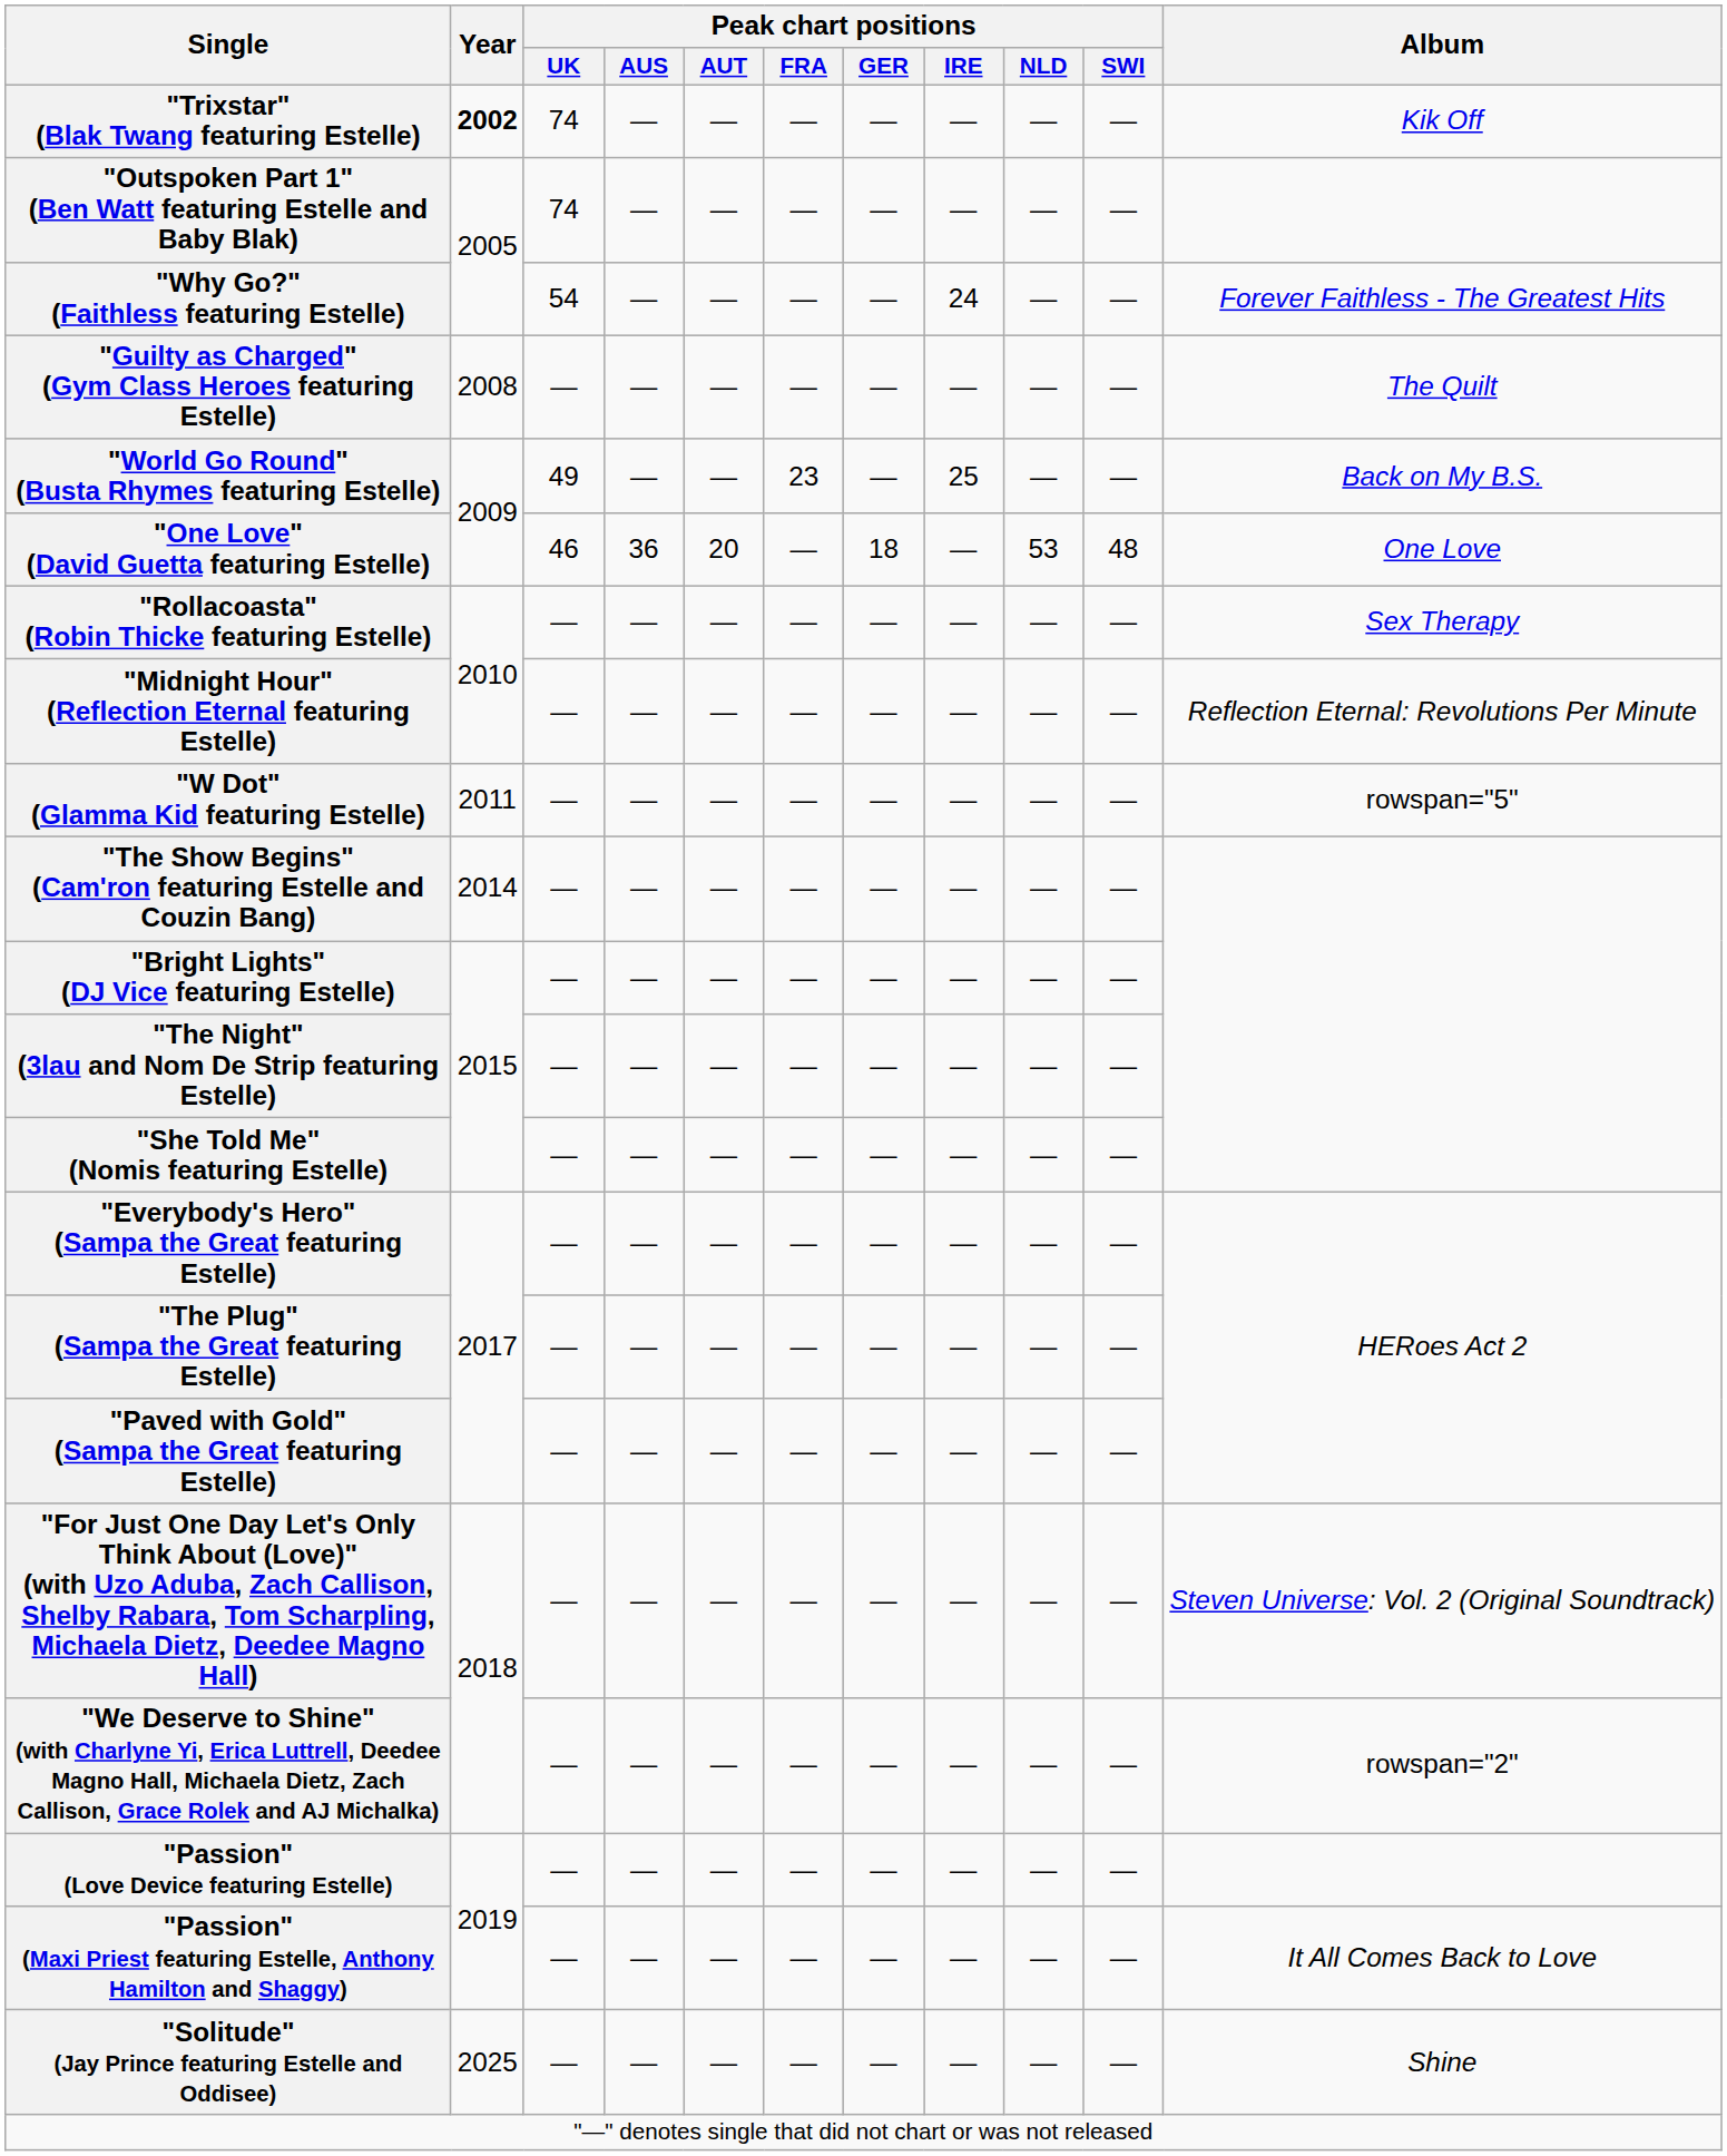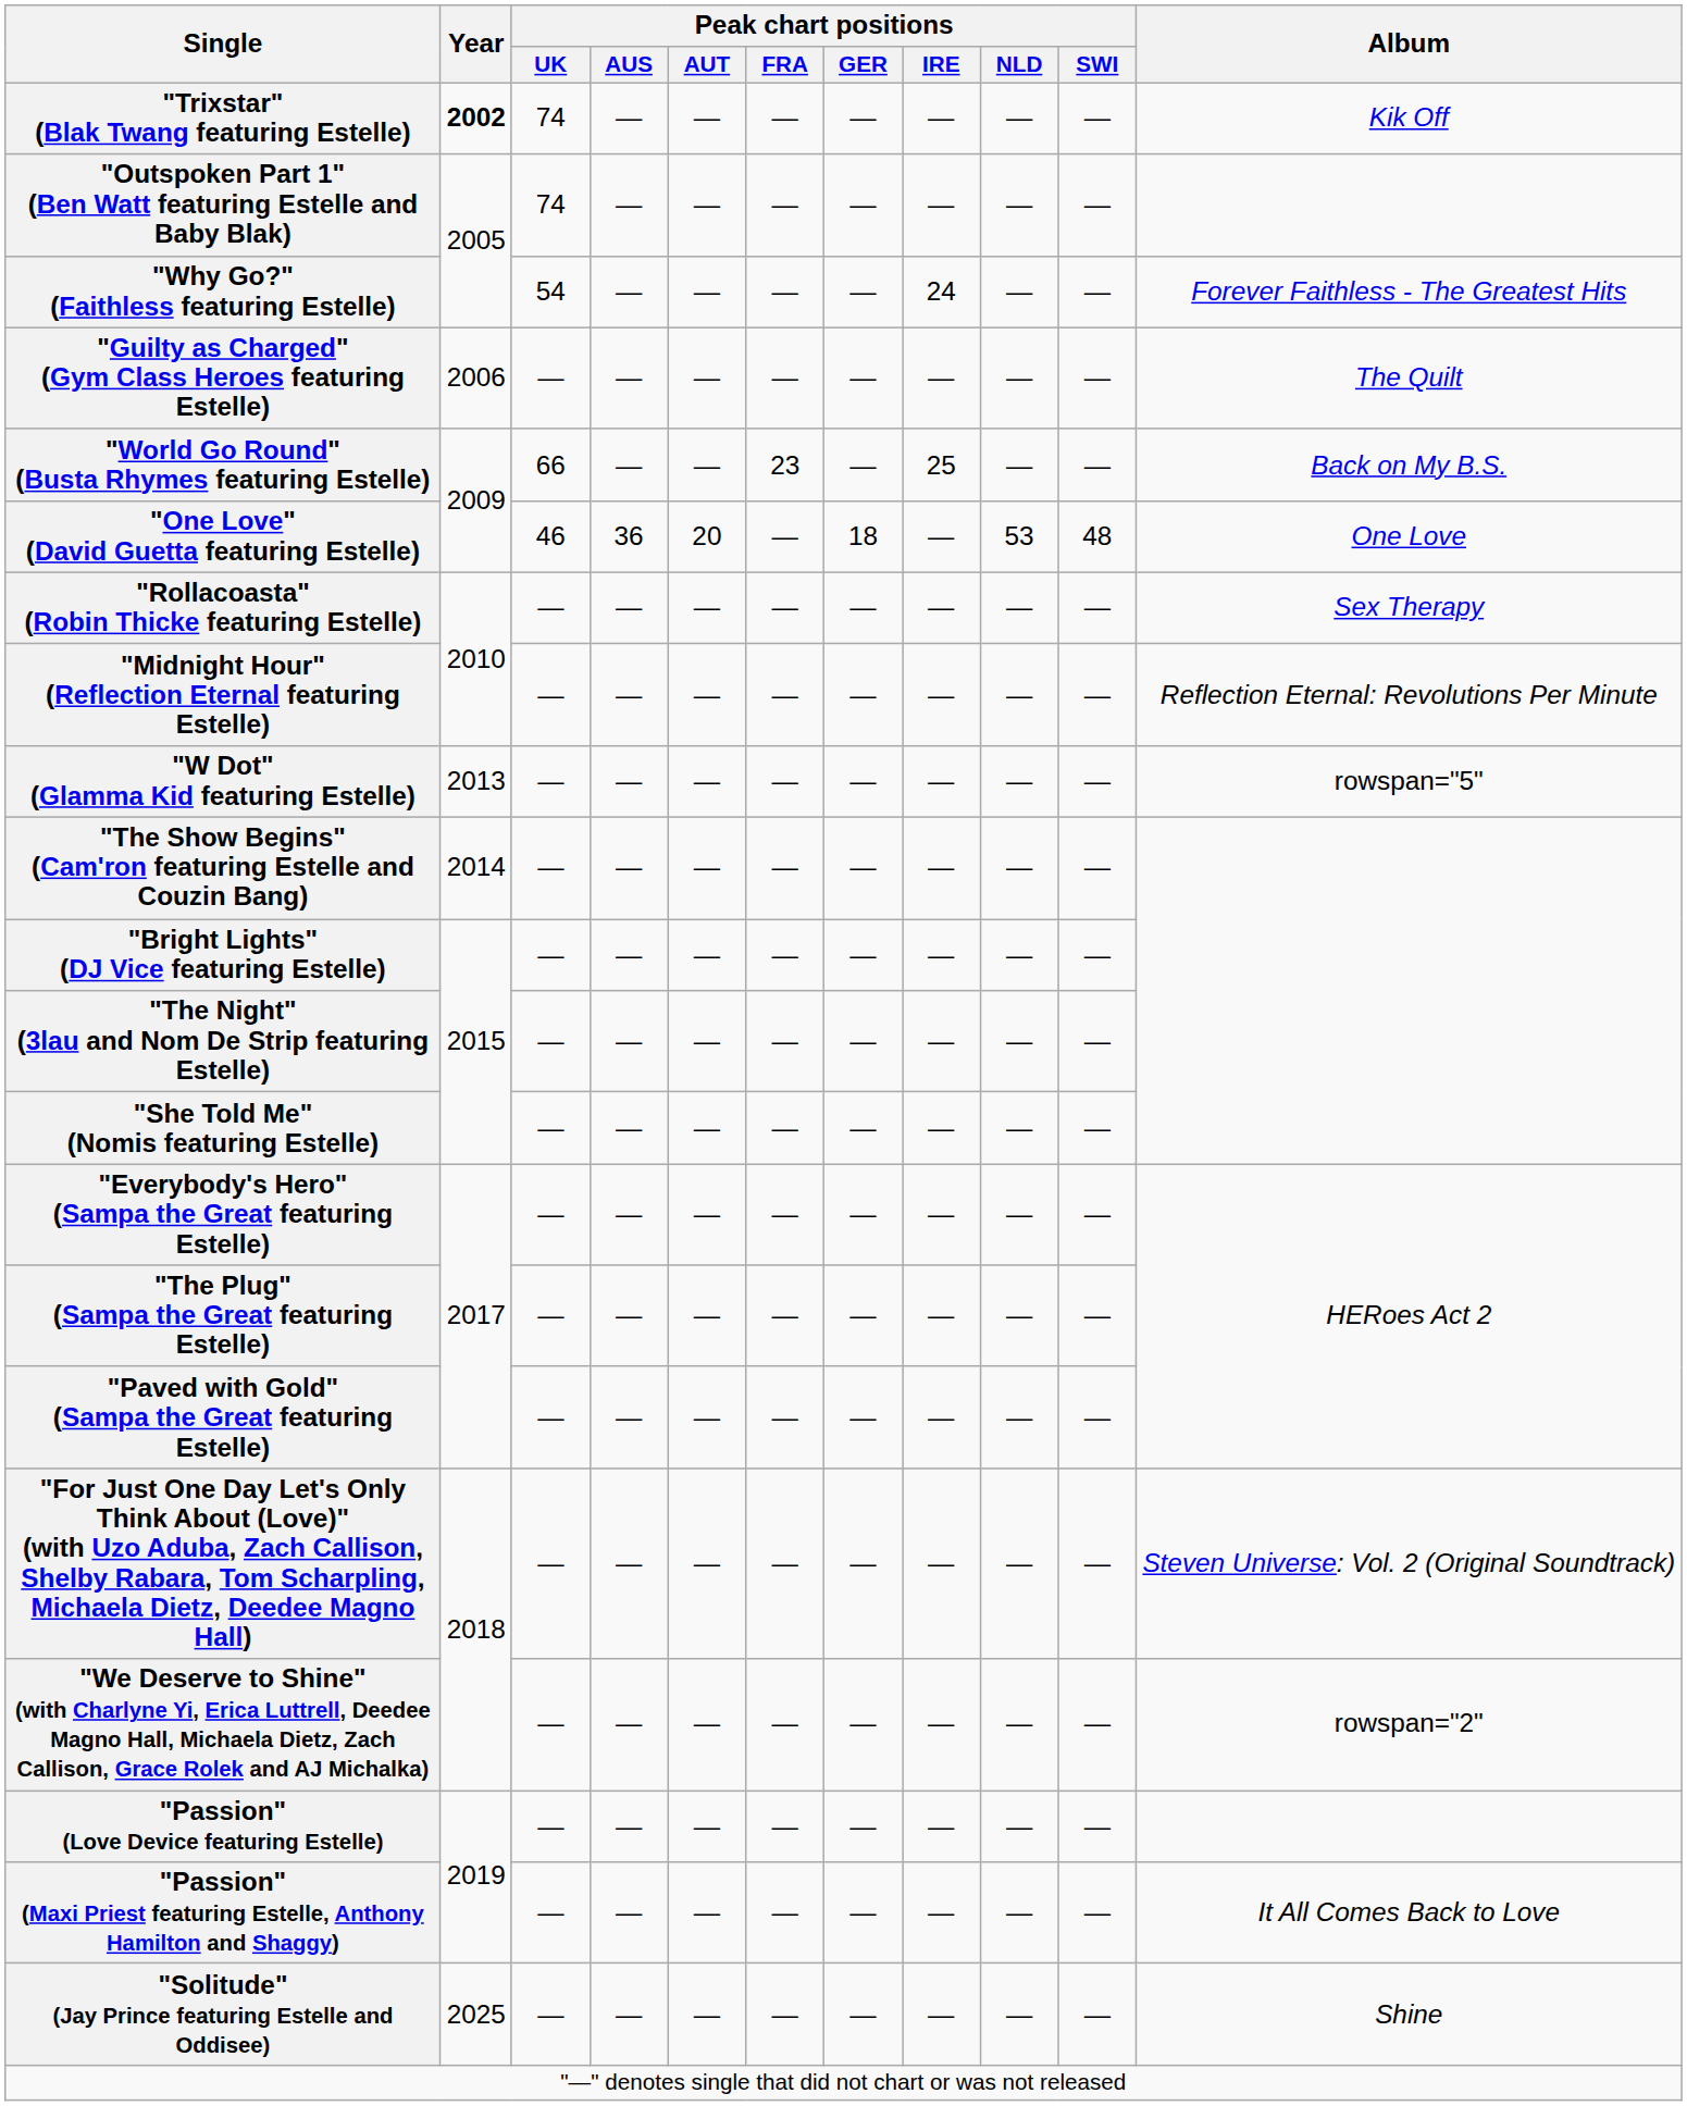 <table class="wikitable plainrowheaders" style="text-align:center;">
 <tr>
 <th scope="colw" rowspan="2" style="width:16em;">Single</th>
 <th scope="col" rowspan="2">Year</th>
 <th scope="col" colspan="8">Peak chart positions</th>
 <th scope="col" rowspan="2">Album</th>
 </tr>
 <tr>
 <th scope="col" style="width:3em;font-size:85%;"><a href='#'>UK</a><br></th>
 <th scope="col" style="width:3em;font-size:85%;"><a href='#'>AUS</a><br></th>
 <th scope="col" style="width:3em;font-size:85%;"><a href='#'>AUT</a><br></th>
 <th scope="col" style="width:3em;font-size:85%;"><a href='#'>FRA</a><br></th>
 <th scope="col" style="width:3em;font-size:85%;"><a href='#'>GER</a><br></th>
 <th scope="col" style="width:3em;font-size:85%;"><a href='#'>IRE</a><br></th>
 <th scope="col" style="width:3em;font-size:85%;"><a href='#'>NLD</a><br></th>
 <th scope="col" style="width:3em;font-size:85%;"><a href='#'>SWI</a><br></th>
 </tr>
 <tr>
 <th scope="row">"Trixstar"<br><span>(<a href='#'>Blak Twang</a> featuring Estelle)</span></th>
 <td><strong>2002</strong></td>
 <td>74</td>
 <td>—</td>
 <td>—</td>
 <td>—</td>
 <td>—</td>
 <td>—</td>
 <td>—</td>
 <td>—</td>
 <td><em><a href='#'>Kik Off</a></em></td>
 </tr>
 <tr>
 <th scope="row">"Outspoken Part 1"<br><span>(<a href='#'>Ben Watt</a> featuring Estelle and Baby Blak)</span></th>
 <td rowspan="2">2005</td>
 <td>74</td>
 <td>—</td>
 <td>—</td>
 <td>—</td>
 <td>—</td>
 <td>—</td>
 <td>—</td>
 <td>—</td>
 <td></td>
 </tr>
 <tr>
 <th scope="row">"Why Go?"<br><span>(<a href='#'>Faithless</a> featuring Estelle)</span></th>
 <td>54</td>
 <td>—</td>
 <td>—</td>
 <td>—</td>
 <td>—</td>
 <td>24</td>
 <td>—</td>
 <td>—</td>
 <td><em><a href='#'>Forever Faithless - The Greatest Hits</a></em></td>
 </tr>
 <tr>
 <th scope="row">"<a href='#'>Guilty as Charged</a>"<br><span>(<a href='#'>Gym Class Heroes</a> featuring Estelle)</span></th>
-<td>2008</td>
+<td>2006</td>
 <td>—</td>
 <td>—</td>
 <td>—</td>
 <td>—</td>
 <td>—</td>
 <td>—</td>
 <td>—</td>
 <td>—</td>
 <td><em><a href='#'>The Quilt</a></em></td>
 </tr>
 <tr>
 <th scope="row">"<a href='#'>World Go Round</a>"<br><span>(<a href='#'>Busta Rhymes</a> featuring Estelle)</span></th>
 <td rowspan="2">2009</td>
-<td>49</td>
+<td>66</td>
 <td>—</td>
 <td>—</td>
 <td>23</td>
 <td>—</td>
 <td>25</td>
 <td>—</td>
 <td>—</td>
 <td><em><a href='#'>Back on My B.S.</a></em></td>
 </tr>
 <tr>
 <th scope="row">"<a href='#'>One Love</a>"<br><span>(<a href='#'>David Guetta</a> featuring Estelle)</span></th>
 <td>46</td>
 <td>36</td>
 <td>20</td>
 <td>—</td>
 <td>18</td>
 <td>—</td>
 <td>53</td>
 <td>48</td>
 <td><em><a href='#'>One Love</a></em></td>
 </tr>
 <tr>
 <th scope="row">"Rollacoasta"<br><span>(<a href='#'>Robin Thicke</a> featuring Estelle)</span></th>
 <td rowspan="2">2010</td>
 <td>—</td>
 <td>—</td>
 <td>—</td>
 <td>—</td>
 <td>—</td>
 <td>—</td>
 <td>—</td>
 <td>—</td>
 <td><em><a href='#'>Sex Therapy</a></em></td>
 </tr>
 <tr>
 <th scope="row">"Midnight Hour"<br><span>(<a href='#'>Reflection Eternal</a> featuring Estelle)</span></th>
 <td>—</td>
 <td>—</td>
 <td>—</td>
 <td>—</td>
 <td>—</td>
 <td>—</td>
 <td>—</td>
 <td>—</td>
 <td><em>Reflection Eternal: Revolutions Per Minute</em></td>
 </tr>
 <tr>
 <th scope="row">"W Dot"<br><span>(<a href='#'>Glamma Kid</a> featuring Estelle)</span></th>
-<td>2011</td>
+<td>2013</td>
 <td>—</td>
 <td>—</td>
 <td>—</td>
 <td>—</td>
 <td>—</td>
 <td>—</td>
 <td>—</td>
 <td>—</td>
 <td>rowspan="5" </td>
 </tr>
 <tr>
 <th scope="row">"The Show Begins"<br><span>(<a href='#'>Cam'ron</a> featuring Estelle and Couzin Bang)</span></th>
 <td>2014</td>
 <td>—</td>
 <td>—</td>
 <td>—</td>
 <td>—</td>
 <td>—</td>
 <td>—</td>
 <td>—</td>
 <td>—</td>
 </tr>
 <tr>
 <th scope="row">"Bright Lights"<br><span>(<a href='#'>DJ Vice</a> featuring Estelle)</span></th>
 <td rowspan="3">2015</td>
 <td>—</td>
 <td>—</td>
 <td>—</td>
 <td>—</td>
 <td>—</td>
 <td>—</td>
 <td>—</td>
 <td>—</td>
 </tr>
 <tr>
 <th scope="row">"The Night"<br><span>(<a href='#'>3lau</a> and Nom De Strip featuring Estelle)</span></th>
 <td>—</td>
 <td>—</td>
 <td>—</td>
 <td>—</td>
 <td>—</td>
 <td>—</td>
 <td>—</td>
 <td>—</td>
 </tr>
 <tr>
 <th scope="row">"She Told Me"<br><span>(Nomis featuring Estelle)</span></th>
 <td>—</td>
 <td>—</td>
 <td>—</td>
 <td>—</td>
 <td>—</td>
 <td>—</td>
 <td>—</td>
 <td>—</td>
 </tr>
 <tr>
 <th scope="row">"Everybody's Hero"<br><span>(<a href='#'>Sampa the Great</a> featuring Estelle)</span></th>
 <td rowspan="3">2017</td>
 <td>—</td>
 <td>—</td>
 <td>—</td>
 <td>—</td>
 <td>—</td>
 <td>—</td>
 <td>—</td>
 <td>—</td>
 <td rowspan="3"><em>HERoes Act 2</em></td>
 </tr>
 <tr>
 <th scope="row">"The Plug"<br><span>(<a href='#'>Sampa the Great</a> featuring Estelle)</span></th>
 <td>—</td>
 <td>—</td>
 <td>—</td>
 <td>—</td>
 <td>—</td>
 <td>—</td>
 <td>—</td>
 <td>—</td>
 </tr>
 <tr>
 <th scope="row">"Paved with Gold"<br><span>(<a href='#'>Sampa the Great</a> featuring Estelle)</span></th>
 <td>—</td>
 <td>—</td>
 <td>—</td>
 <td>—</td>
 <td>—</td>
 <td>—</td>
 <td>—</td>
 <td>—</td>
 </tr>
 <tr>
 <th scope="row">"For Just One Day Let's Only Think About (Love)"<br><span>(with <a href='#'>Uzo Aduba</a>, <a href='#'>Zach Callison</a>, <a href='#'>Shelby Rabara</a>, <a href='#'>Tom Scharpling</a>, <a href='#'>Michaela Dietz</a>, <a href='#'>Deedee Magno Hall</a>)</span></th>
 <td rowspan="2">2018</td>
 <td>—</td>
 <td>—</td>
 <td>—</td>
 <td>—</td>
 <td>—</td>
 <td>—</td>
 <td>—</td>
 <td>—</td>
 <td><em><a href='#'>Steven Universe</a>: Vol. 2 (Original Soundtrack)</em></td>
 </tr>
 <tr>
 <th scope="row">"We Deserve to Shine" <br><small>(with <a href='#'>Charlyne Yi</a>, <a href='#'>Erica Luttrell</a>, Deedee Magno Hall, Michaela Dietz, Zach Callison, <a href='#'>Grace Rolek</a> and AJ Michalka)</small></th>
 <td>—</td>
 <td>—</td>
 <td>—</td>
 <td>—</td>
 <td>—</td>
 <td>—</td>
 <td>—</td>
 <td>—</td>
 <td>rowspan="2" </td>
 </tr>
 <tr>
 <th scope="row">"Passion" <br><small>(Love Device featuring Estelle)</small></th>
 <td rowspan="2">2019</td>
 <td>—</td>
 <td>—</td>
 <td>—</td>
 <td>—</td>
 <td>—</td>
 <td>—</td>
 <td>—</td>
 <td>—</td>
 </tr>
 <tr>
 <th scope="row">"Passion" <br><small>(<a href='#'>Maxi Priest</a> featuring Estelle, <a href='#'>Anthony Hamilton</a> and <a href='#'>Shaggy</a>)</small></th>
 <td>—</td>
 <td>—</td>
 <td>—</td>
 <td>—</td>
 <td>—</td>
 <td>—</td>
 <td>—</td>
 <td>—</td>
 <td><em>It All Comes Back to Love</em></td>
 </tr>
 <tr>
 <th scope="row">"Solitude" <br><small>(Jay Prince featuring Estelle and Oddisee)</small></th>
 <td rowspan="1">2025</td>
 <td>—</td>
 <td>—</td>
 <td>—</td>
 <td>—</td>
 <td>—</td>
 <td>—</td>
 <td>—</td>
 <td>—</td>
 <td><em>Shine</em></td>
 </tr>
 <tr>
 <td colspan="15" style="font-size:85%">"—" denotes single that did not chart or was not released</td>
 </tr>
 </table>
